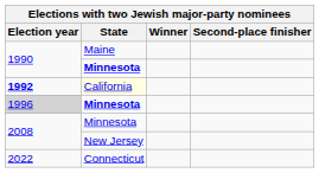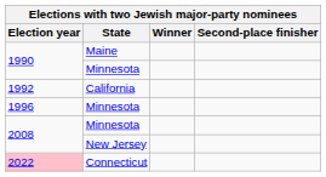 <table class="wikitable sortable" border="" cellpadding="3">
 <tr>
 <th colspan=5>Elections with two Jewish major-party nominees</th>
 </tr>
 <tr>
 <th>Election year</th>
 <th>State</th>
 <th>Winner</th>
 <th>Second-place finisher</th>
 </tr>
 <tr>
 <td rowspan=2><a href='#'>1990</a></td>
 <td><a href='#'>Maine</a></td>
 <td><strong></strong></td>
 <td></td>
 </tr>
 <tr>
-<td><strong><a href='#'>Minnesota</a></strong></td>
+<td><a href='#'>Minnesota</a></td>
 <td></td>
 <td><strong></strong></td>
 </tr>
 <tr>
-<td><strong><a href='#'>1992</a></strong></td>
-<td style="background: lightyellow;"><a href='#'>California</a></td>
+<td><a href='#'>1992</a></td>
+<td><a href='#'>California</a></td>
 <td></td>
 <td></td>
 </tr>
 <tr>
-<td style="background: lightgrey;"><a href='#'>1996</a></td>
-<td><strong><a href='#'>Minnesota</a></strong></td>
+<td><a href='#'>1996</a></td>
+<td><a href='#'>Minnesota</a></td>
 <td><strong></strong></td>
 <td></td>
 </tr>
 <tr>
 <td rowspan=2><a href='#'>2008</a></td>
 <td><a href='#'>Minnesota</a></td>
 <td></td>
 <td><strong></strong></td>
 </tr>
 <tr>
 <td><a href='#'>New Jersey</a></td>
 <td><strong></strong></td>
 <td></td>
 </tr>
 <tr>
-<td><a href='#'>2022</a></td>
+<td style="background: pink;"><a href='#'>2022</a></td>
 <td><a href='#'>Connecticut</a></td>
 <td><strong></strong></td>
 <td></td>
 </tr>
 </table>
